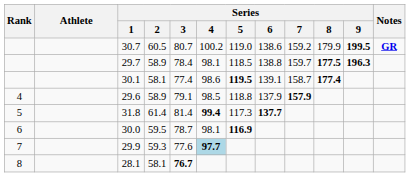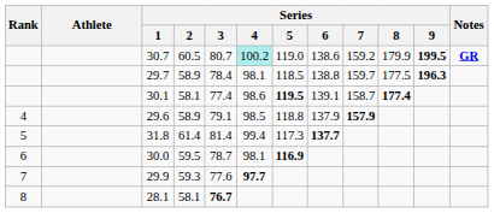 <table class="wikitable" style="text-align:center">
 <tr>
 <th rowspan=2 width=40>Rank</th>
 <th rowspan=2 width=250>Athlete</th>
 <th colspan=9>Series</th>
 <th rowspan=2 width=45>Notes</th>
 </tr>
 <tr>
 <th width=40>1</th>
 <th width=40>2</th>
 <th width=40>3</th>
 <th width=40>4</th>
 <th width=40>5</th>
 <th width=40>6</th>
 <th width=40>7</th>
 <th width=40>8</th>
 <th width=40>9</th>
 </tr>
 <tr>
 <td></td>
 <td align=left></td>
 <td>30.7</td>
 <td>60.5</td>
 <td>80.7</td>
-<td>100.2</td>
+<td style="background: paleturquoise;">100.2</td>
 <td>119.0</td>
 <td>138.6</td>
 <td>159.2</td>
 <td>179.9</td>
 <td><strong>199.5</strong></td>
 <td><strong><a href='#'>GR</a></strong></td>
 </tr>
 <tr>
 <td></td>
 <td align=left></td>
 <td>29.7</td>
 <td>58.9</td>
 <td>78.4</td>
 <td>98.1</td>
 <td>118.5</td>
 <td>138.8</td>
 <td>159.7</td>
-<td><strong>177.5</strong></td>
+<td>177.5</td>
 <td><strong>196.3</strong></td>
 <td></td>
 </tr>
 <tr>
 <td></td>
 <td align=left></td>
 <td>30.1</td>
 <td>58.1</td>
 <td>77.4</td>
 <td>98.6</td>
 <td><strong>119.5</strong></td>
 <td>139.1</td>
 <td>158.7</td>
 <td><strong>177.4</strong></td>
 <td></td>
 <td></td>
 </tr>
 <tr>
 <td>4</td>
 <td align=left></td>
 <td>29.6</td>
 <td>58.9</td>
 <td>79.1</td>
 <td>98.5</td>
 <td>118.8</td>
 <td>137.9</td>
 <td><strong>157.9</strong></td>
 <td></td>
 <td></td>
 <td></td>
 </tr>
 <tr>
 <td>5</td>
 <td align=left></td>
 <td>31.8</td>
 <td>61.4</td>
 <td>81.4</td>
-<td><strong>99.4</strong></td>
+<td>99.4</td>
 <td>117.3</td>
 <td><strong>137.7</strong></td>
 <td></td>
 <td></td>
 <td></td>
 <td></td>
 </tr>
 <tr>
 <td>6</td>
 <td align=left></td>
 <td>30.0</td>
 <td>59.5</td>
 <td>78.7</td>
 <td>98.1</td>
 <td><strong>116.9</strong></td>
 <td></td>
 <td></td>
 <td></td>
 <td></td>
 <td></td>
 </tr>
 <tr>
 <td>7</td>
 <td align=left></td>
 <td>29.9</td>
 <td>59.3</td>
 <td>77.6</td>
-<td style="background: lightblue;"><strong>97.7</strong></td>
+<td><strong>97.7</strong></td>
 <td></td>
 <td></td>
 <td></td>
 <td></td>
 <td></td>
 <td></td>
 </tr>
 <tr>
 <td>8</td>
 <td align=left></td>
 <td>28.1</td>
 <td>58.1</td>
 <td><strong>76.7</strong></td>
 <td></td>
 <td></td>
 <td></td>
 <td></td>
 <td></td>
 <td></td>
 <td></td>
 </tr>
 </table>
